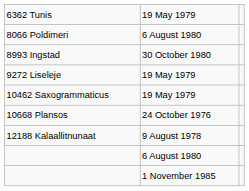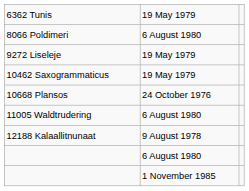 <table class="wikitable" style="font-size: 89%; float: left; width: 26em; margin-right: 1em; height: 280px;">
 <tr>
 <td>6362 Tunis</td>
 <td>19 May 1979</td>
 <td></td>
 </tr>
 <tr>
 <td>8066 Poldimeri</td>
 <td>6 August 1980</td>
-<td></td>
-</tr>
-<tr>
-<td>8993 Ingstad</td>
-<td>30 October 1980</td>
 <td></td>
 </tr>
 <tr>
 <td>9272 Liseleje</td>
 <td>19 May 1979</td>
 <td></td>
 </tr>
 <tr>
 <td>10462 Saxogrammaticus</td>
 <td>19 May 1979</td>
 <td></td>
 </tr>
 <tr>
 <td>10668 Plansos</td>
 <td>24 October 1976</td>
 <td></td>
 </tr>
 <tr>
+<td>11005 Waldtrudering</td>
+<td>6 August 1980</td>
+<td></td>
+</tr>
+<tr>
 <td>12188 Kalaallitnunaat</td>
 <td>9 August 1978</td>
 <td></td>
 </tr>
 <tr>
 <td></td>
 <td>6 August 1980</td>
 <td></td>
 </tr>
 <tr>
 <td></td>
 <td>1 November 1985</td>
 <td></td>
 </tr>
 </table>
